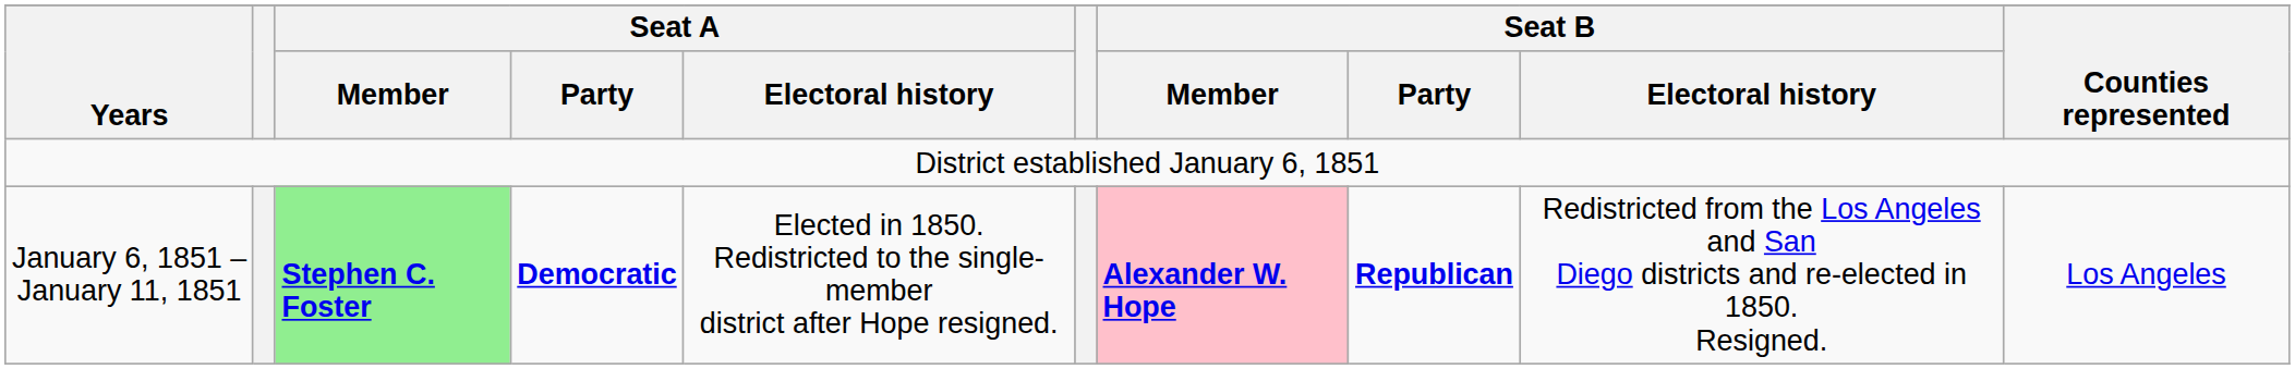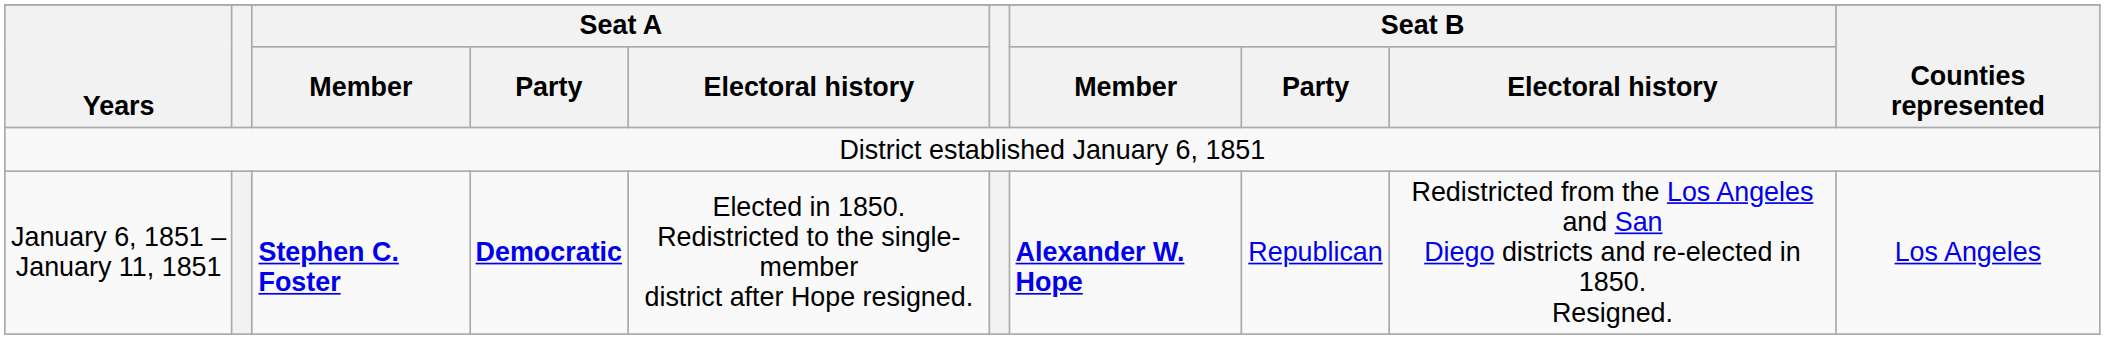 <table class=wikitable style="text-align:center">
 <tr>
 </tr>
 <tr valign=bottom>
 <th rowspan=2>Years</th>
 <th rowspan=2> </th>
 <th colspan=3>Seat A</th>
 <th rowspan=2> </th>
 <th colspan=3>Seat B</th>
 <th rowspan=2>Counties represented</th>
 </tr>
 <tr style="height:3em">
 <th>Member</th>
 <th>Party</th>
 <th>Electoral history</th>
 <th>Member</th>
 <th>Party</th>
 <th>Electoral history</th>
 </tr>
 <tr>
 <td colspan=10>District established January 6, 1851</td>
 </tr>
 <tr style="height:3em">
 <td nowrap>January 6, 1851 –<br> January 11, 1851</td>
 <th rowspan=20> </th>
-<td align=left style="background: lightgreen;"><br> <strong><a href='#'>Stephen C. Foster</a></strong><br></td>
+<td align=left><br> <strong><a href='#'>Stephen C. Foster</a></strong><br></td>
 <td><strong><a href='#'>Democratic</a></strong></td>
 <td>Elected in 1850. <br> Redistricted to the single-member <br> district after Hope resigned.</td>
 <th rowspan=20> </th>
-<td align=left style="background: pink;"><br><strong><a href='#'>Alexander W. Hope</a></strong><br></td>
-<td><strong><a href='#'>Republican</a></strong></td>
+<td align=left><br><strong><a href='#'>Alexander W. Hope</a></strong><br></td>
+<td><a href='#'>Republican</a></td>
 <td>Redistricted from the <a href='#'>Los Angeles</a> and <a href='#'>San <br> Diego</a> districts and re-elected in 1850. <br> Resigned.</td>
 <td rowspan=2><a href='#'>Los Angeles</a></td>
 </tr>
 </table>
